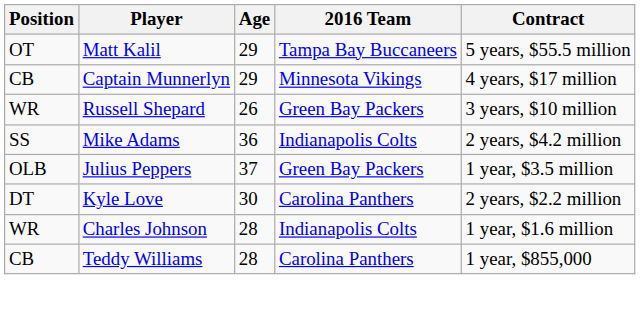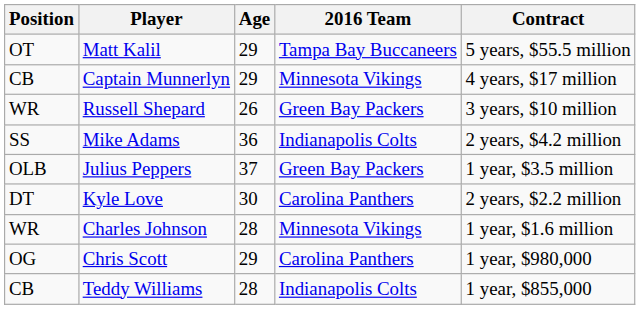 <table class="wikitable">
 <tr>
 <th>Position</th>
 <th>Player</th>
 <th>Age</th>
 <th>2016 Team</th>
 <th>Contract</th>
 </tr>
 <tr>
 <td>OT</td>
 <td><a href='#'>Matt Kalil</a></td>
 <td>29</td>
 <td><a href='#'>Tampa Bay Buccaneers</a></td>
 <td>5 years, $55.5 million</td>
 </tr>
 <tr>
 <td>CB</td>
 <td><a href='#'>Captain Munnerlyn</a></td>
 <td>29</td>
 <td><a href='#'>Minnesota Vikings</a></td>
 <td>4 years, $17 million</td>
 </tr>
 <tr>
 <td>WR</td>
 <td><a href='#'>Russell Shepard</a></td>
 <td>26</td>
 <td><a href='#'>Green Bay Packers</a></td>
 <td>3 years, $10 million</td>
 </tr>
 <tr>
 <td>SS</td>
 <td><a href='#'>Mike Adams</a></td>
 <td>36</td>
 <td><a href='#'>Indianapolis Colts</a></td>
 <td>2 years, $4.2 million</td>
 </tr>
 <tr>
 <td>OLB</td>
 <td><a href='#'>Julius Peppers</a></td>
 <td>37</td>
 <td><a href='#'>Green Bay Packers</a></td>
 <td>1 year, $3.5 million</td>
 </tr>
 <tr>
 <td>DT</td>
 <td><a href='#'>Kyle Love</a></td>
 <td>30</td>
 <td><a href='#'>Carolina Panthers</a></td>
 <td>2 years, $2.2 million</td>
 </tr>
 <tr>
 <td>WR</td>
 <td><a href='#'>Charles Johnson</a></td>
 <td>28</td>
-<td><a href='#'>Indianapolis Colts</a></td>
+<td><a href='#'>Minnesota Vikings</a></td>
 <td>1 year, $1.6 million</td>
+</tr>
+<tr>
+<td>OG</td>
+<td><a href='#'>Chris Scott</a></td>
+<td>29</td>
+<td><a href='#'>Carolina Panthers</a></td>
+<td>1 year, $980,000</td>
 </tr>
 <tr>
 <td>CB</td>
 <td><a href='#'>Teddy Williams</a></td>
 <td>28</td>
-<td><a href='#'>Carolina Panthers</a></td>
+<td><a href='#'>Indianapolis Colts</a></td>
 <td>1 year, $855,000</td>
 </tr>
 </table>
